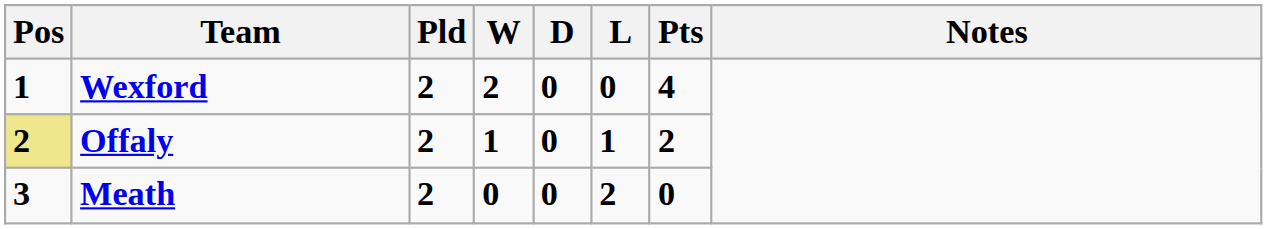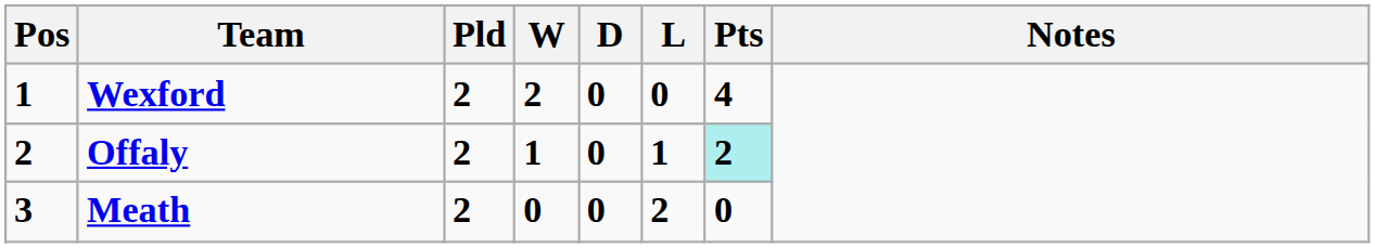 <table class="wikitable" style="text-align: centre;">
 <tr>
 <th width=20>Pos</th>
 <th width=150>Team</th>
 <th width=20>Pld</th>
 <th width=20>W</th>
 <th width=20>D</th>
 <th width=20>L</th>
 <th width=20>Pts</th>
 <th width=250>Notes</th>
 </tr>
 <tr>
 <td><strong>1</strong></td>
 <td align=left><strong> <a href='#'>Wexford</a> </strong></td>
 <td><strong>2</strong></td>
 <td><strong>2</strong></td>
 <td><strong>0</strong></td>
 <td><strong>0</strong></td>
 <td><strong>4</strong></td>
 </tr>
 <tr>
-<td style="background: khaki;"><strong>2</strong></td>
+<td><strong>2</strong></td>
 <td align=left><strong> <a href='#'>Offaly</a> </strong></td>
 <td><strong>2</strong></td>
 <td><strong>1</strong></td>
 <td><strong>0</strong></td>
 <td><strong>1</strong></td>
-<td><strong>2</strong></td>
+<td style="background: paleturquoise;"><strong>2</strong></td>
 </tr>
 <tr>
 <td><strong>3</strong></td>
 <td align=left><strong> <a href='#'>Meath</a> </strong></td>
 <td><strong>2</strong></td>
 <td><strong>0</strong></td>
 <td><strong>0</strong></td>
 <td><strong>2</strong></td>
 <td><strong>0</strong></td>
 </tr>
 </table>
